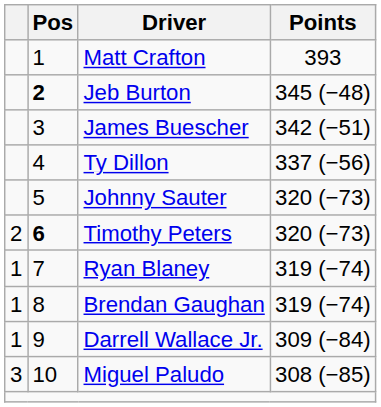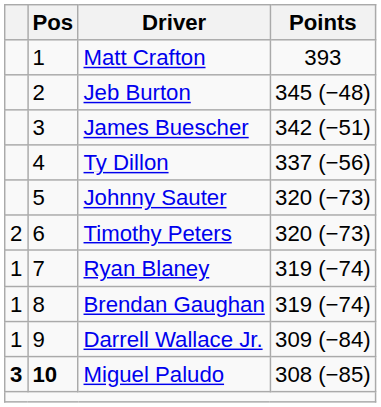 <table class="sortable wikitable " style="font-size: 95%;">
 <tr>
 <th class="unsortable"></th>
 <th>Pos</th>
 <th>Driver</th>
 <th>Points</th>
 </tr>
 <tr>
 <td align="left"></td>
 <td>1</td>
 <td><a href='#'>Matt Crafton</a></td>
 <td style="text-align:center;">393</td>
 </tr>
 <tr>
 <td align="left"></td>
-<td><strong>2</strong></td>
+<td>2</td>
 <td><a href='#'>Jeb Burton</a></td>
 <td style="text-align:center;">345 (−48)</td>
 </tr>
 <tr>
 <td align="left"></td>
 <td>3</td>
 <td><a href='#'>James Buescher</a></td>
 <td style="text-align:center;">342 (−51)</td>
 </tr>
 <tr>
 <td align="left"></td>
 <td>4</td>
 <td><a href='#'>Ty Dillon</a></td>
 <td style="text-align:center;">337 (−56)</td>
 </tr>
 <tr>
 <td align="left"></td>
 <td>5</td>
 <td><a href='#'>Johnny Sauter</a></td>
 <td style="text-align:center">320 (−73)</td>
 </tr>
 <tr>
 <td align="left"> 2</td>
-<td><strong>6</strong></td>
+<td>6</td>
 <td><a href='#'>Timothy Peters</a></td>
 <td style="text-align:center">320 (−73)</td>
 </tr>
 <tr>
 <td align="left"> 1</td>
 <td>7</td>
 <td><a href='#'>Ryan Blaney</a></td>
 <td style="text-align:center">319 (−74)</td>
 </tr>
 <tr>
 <td align="left"> 1</td>
 <td>8</td>
 <td><a href='#'>Brendan Gaughan</a></td>
 <td style="text-align:center">319 (−74)</td>
 </tr>
 <tr>
 <td align="left"> 1</td>
 <td>9</td>
 <td><a href='#'>Darrell Wallace Jr.</a></td>
 <td style="text-align:center">309 (−84)</td>
 </tr>
 <tr>
-<td align="left"> 3</td>
-<td>10</td>
+<td align="left"><strong> 3</strong></td>
+<td><strong>10</strong></td>
 <td><a href='#'>Miguel Paludo</a></td>
 <td style="text-align:center">308 (−85)</td>
 </tr>
 <tr class="sortbottom">
 <td colspan="9"></td>
 </tr>
 </table>
